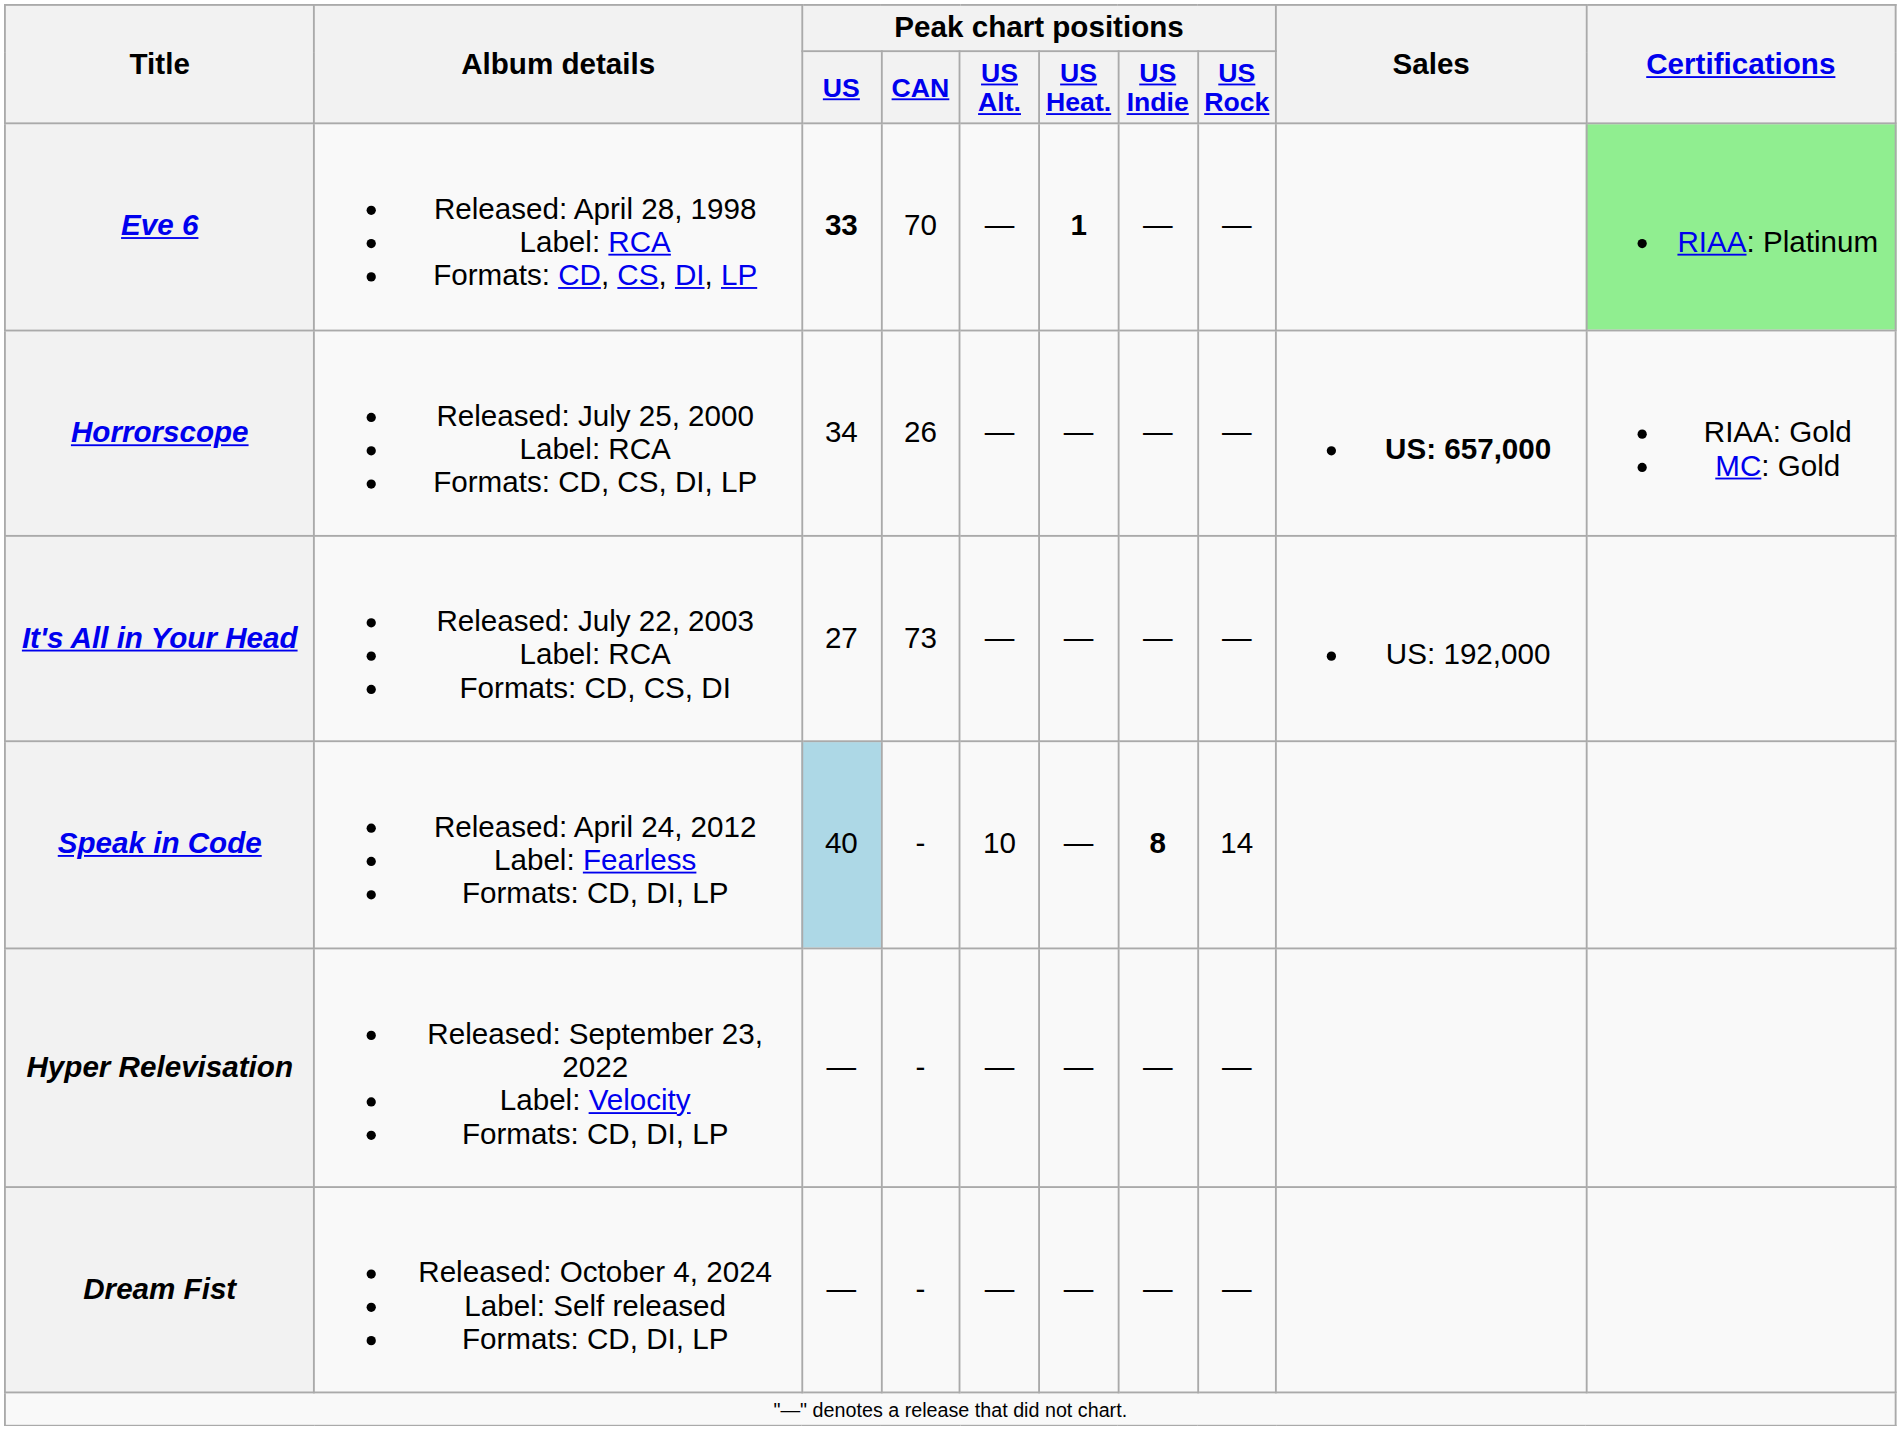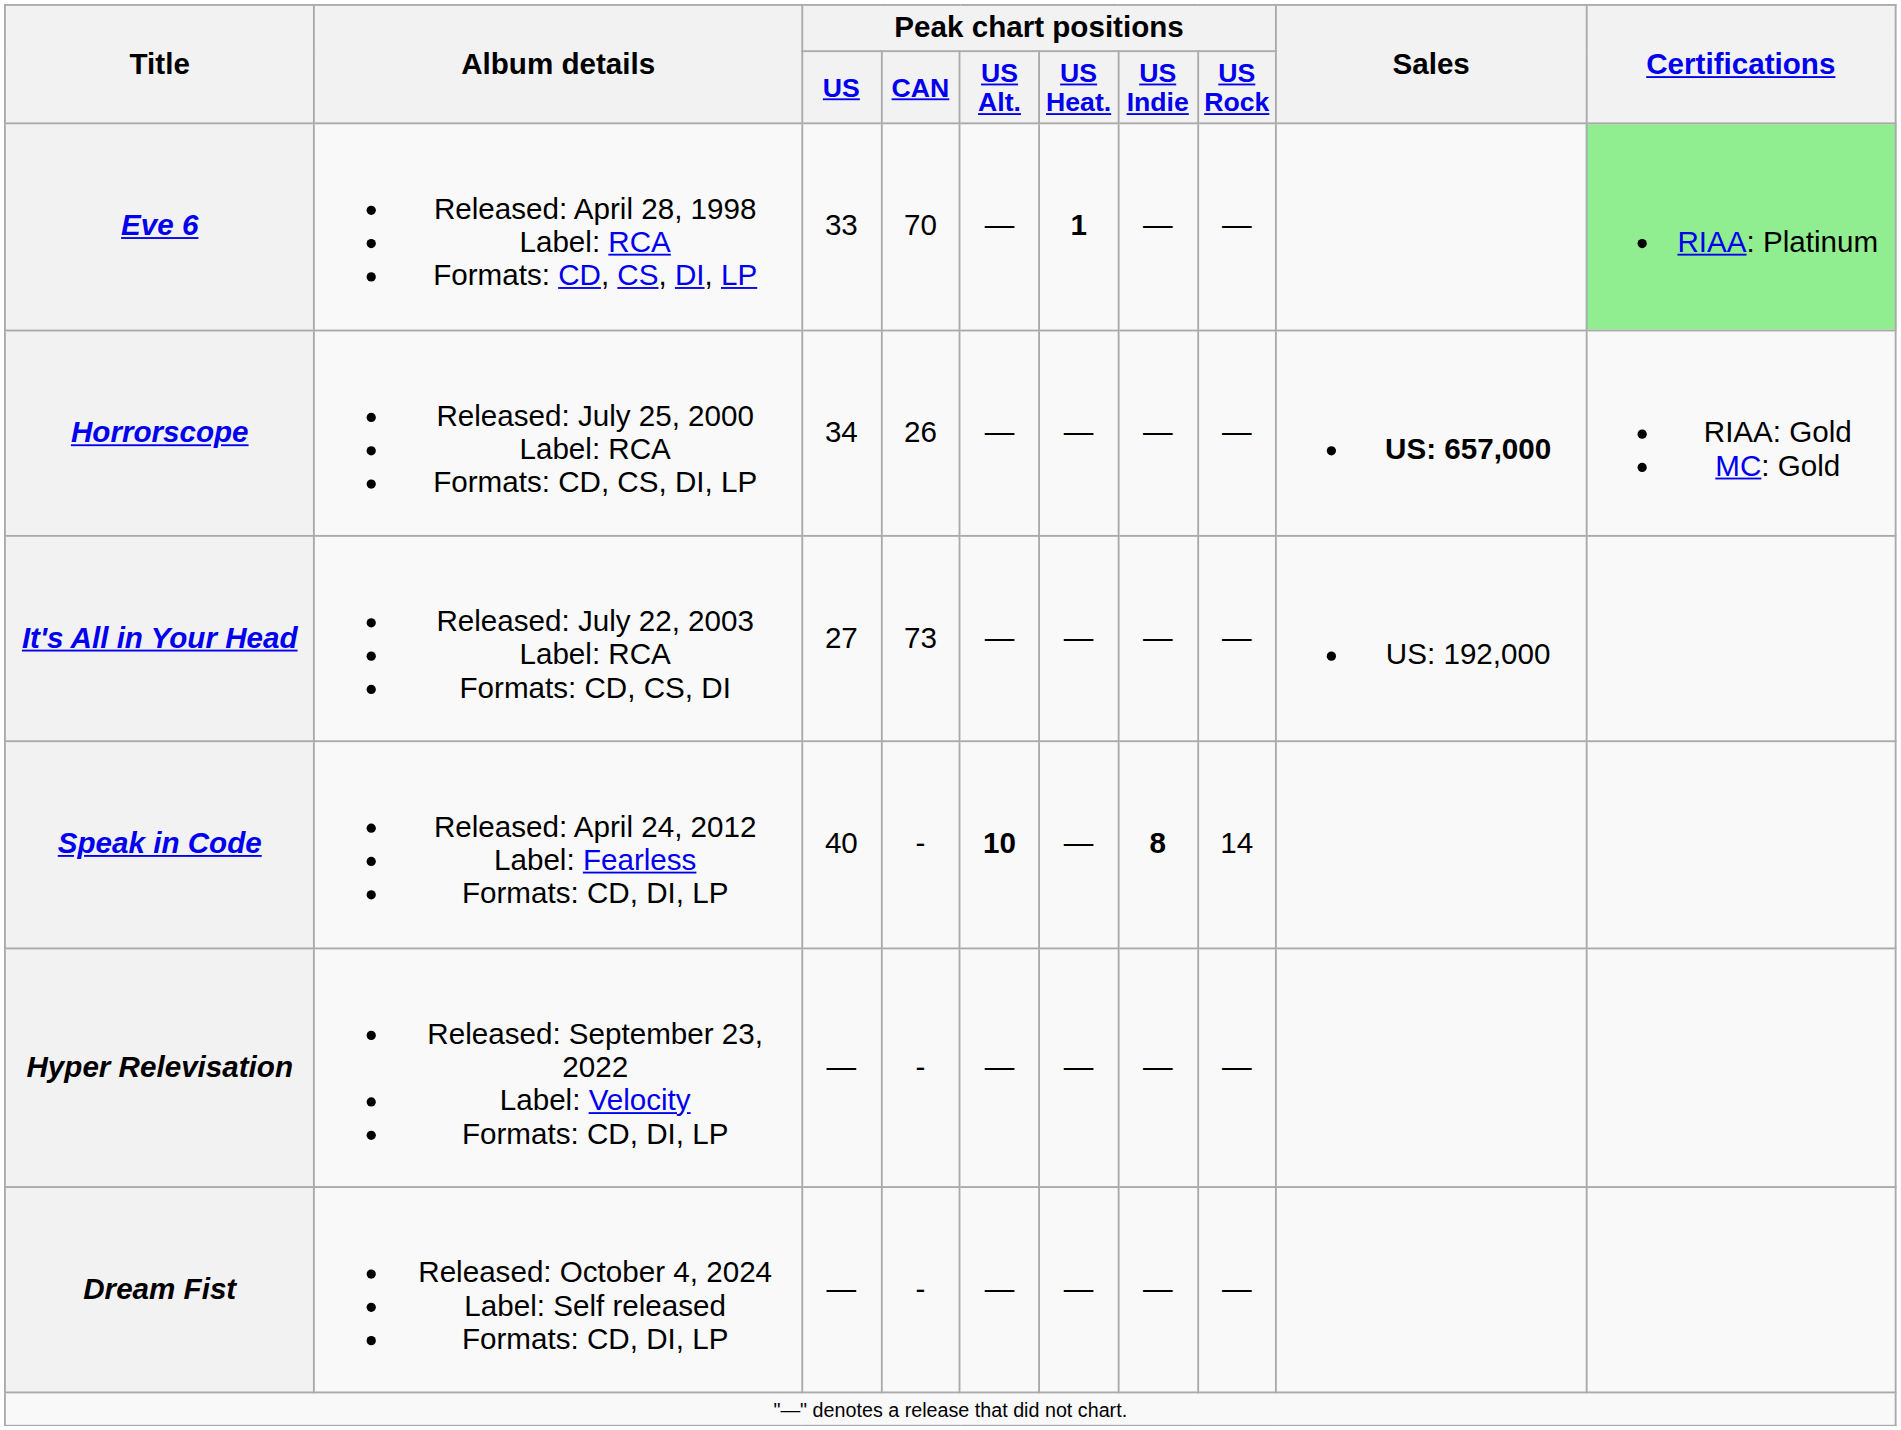 <table class="wikitable plainrowheaders" style="text-align:center;">
 <tr>
 <th scope="col" rowspan="2" style="width:10em;">Title</th>
 <th scope="col" rowspan="2" style="width:16em;">Album details</th>
 <th scope="col" colspan="6">Peak chart positions</th>
 <th scope="col" rowspan="2" style="width:10em;">Sales</th>
 <th scope="col" rowspan="2" style="width:10em;"><a href='#'>Certifications</a></th>
 </tr>
 <tr>
 <th scope="col" style="width:2.5em;font-size:90%;"><a href='#'>US</a><br></th>
 <th scope="col" style="width:2.5em;font-size:90%;"><a href='#'>CAN</a><br></th>
 <th scope="col" style="width:2.5em;font-size:90%;"><a href='#'>US<br>Alt.</a><br></th>
 <th scope="col" style="width:2.5em;font-size:90%;"><a href='#'>US<br>Heat.</a><br></th>
 <th scope="col" style="width:2.5em;font-size:90%;"><a href='#'>US<br>Indie</a><br></th>
 <th scope="col" style="width:2.5em;font-size:90%;"><a href='#'>US<br>Rock</a><br></th>
 </tr>
 <tr>
 <th scope="row"><em><a href='#'>Eve 6</a></em></th>
 <td><br><ul><li>Released: April 28, 1998</li><li>Label: <a href='#'>RCA</a></li><li>Formats: <a href='#'>CD</a>, <a href='#'>CS</a>, <a href='#'>DI</a>, <a href='#'>LP</a></li></ul></td>
-<td><strong>33</strong></td>
+<td>33</td>
 <td>70</td>
 <td>—</td>
 <td><strong>1</strong></td>
 <td>—</td>
 <td>—</td>
 <td></td>
 <td style="background: lightgreen;"><br><ul><li><a href='#'>RIAA</a>: Platinum</li></ul></td>
 </tr>
 <tr>
 <th scope="row"><em><a href='#'>Horrorscope</a></em></th>
 <td><br><ul><li>Released: July 25, 2000</li><li>Label: RCA</li><li>Formats: CD, CS, DI, LP</li></ul></td>
 <td>34</td>
 <td>26</td>
 <td>—</td>
 <td>—</td>
 <td>—</td>
 <td>—</td>
 <td><strong><br><ul><li>US: 657,000</li></ul></strong></td>
 <td><br><ul><li>RIAA: Gold</li><li><a href='#'>MC</a>: Gold</li></ul></td>
 </tr>
 <tr>
 <th scope="row"><em><a href='#'>It's All in Your Head</a></em></th>
 <td><br><ul><li>Released: July 22, 2003</li><li>Label: RCA</li><li>Formats: CD, CS, DI</li></ul></td>
 <td>27</td>
 <td>73</td>
 <td>—</td>
 <td>—</td>
 <td>—</td>
 <td>—</td>
 <td><br><ul><li>US: 192,000</li></ul></td>
 <td></td>
 </tr>
 <tr>
 <th scope="row"><em><a href='#'>Speak in Code</a></em></th>
 <td><br><ul><li>Released: April 24, 2012</li><li>Label: <a href='#'>Fearless</a></li><li>Formats: CD, DI, LP</li></ul></td>
-<td style="background: lightblue;">40</td>
+<td>40</td>
 <td>-</td>
-<td>10</td>
+<td><strong>10</strong></td>
 <td>—</td>
 <td><strong>8</strong></td>
 <td>14</td>
 <td></td>
 <td></td>
 </tr>
 <tr>
 <th scope="row"><em>Hyper Relevisation</em></th>
 <td><br><ul><li>Released: September 23, 2022</li><li>Label: <a href='#'>Velocity</a></li><li>Formats: CD, DI, LP</li></ul></td>
 <td>—</td>
 <td>-</td>
 <td>—</td>
 <td>—</td>
 <td>—</td>
 <td>—</td>
 <td></td>
 <td></td>
 </tr>
 <tr>
 <th scope="row"><em>Dream Fist</em></th>
 <td><br><ul><li>Released: October 4, 2024</li><li>Label: Self released</li><li>Formats: CD, DI, LP</li></ul></td>
 <td>—</td>
 <td>-</td>
 <td>—</td>
 <td>—</td>
 <td>—</td>
 <td>—</td>
 <td></td>
 <td></td>
 </tr>
 <tr>
 <td colspan="12" style="text-align:center; font-size:8pt;">"—" denotes a release that did not chart.</td>
 </tr>
 </table>
